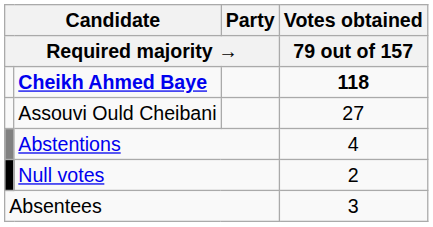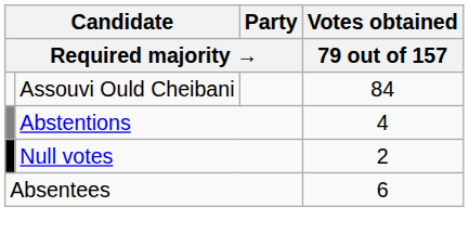 <table class="wikitable" style="font-size:95%;">
 <tr>
 <th colspan=2>Candidate</th>
 <th>Party</th>
 <th>Votes obtained</th>
 </tr>
 <tr>
 <th colspan=3>Required majority →</th>
 <th>79 out of 157</th>
 </tr>
 <tr>
 <td></td>
-<td><strong><a href='#'>Cheikh Ahmed Baye</a></strong></td>
-<td></td>
-<td style="text-align:center;"><strong>118</strong> </td>
-</tr>
-<tr>
-<td></td>
 <td>Assouvi Ould Cheibani</td>
 <td></td>
-<td style="text-align:center;">27 </td>
+<td style="text-align:center;">84 </td>
 </tr>
 <tr>
 <td style="background:gray;"></td>
 <td colspan=2><a href='#'>Abstentions</a></td>
 <td style="text-align:center;">4</td>
 </tr>
 <tr>
 <td style="background:black;"></td>
 <td colspan=2><a href='#'>Null votes</a></td>
 <td style="text-align:center;">2</td>
 </tr>
 <tr>
 <td colspan=3>Absentees</td>
-<td style="text-align:center;">3</td>
+<td style="text-align:center;">6</td>
 </tr>
 </table>
